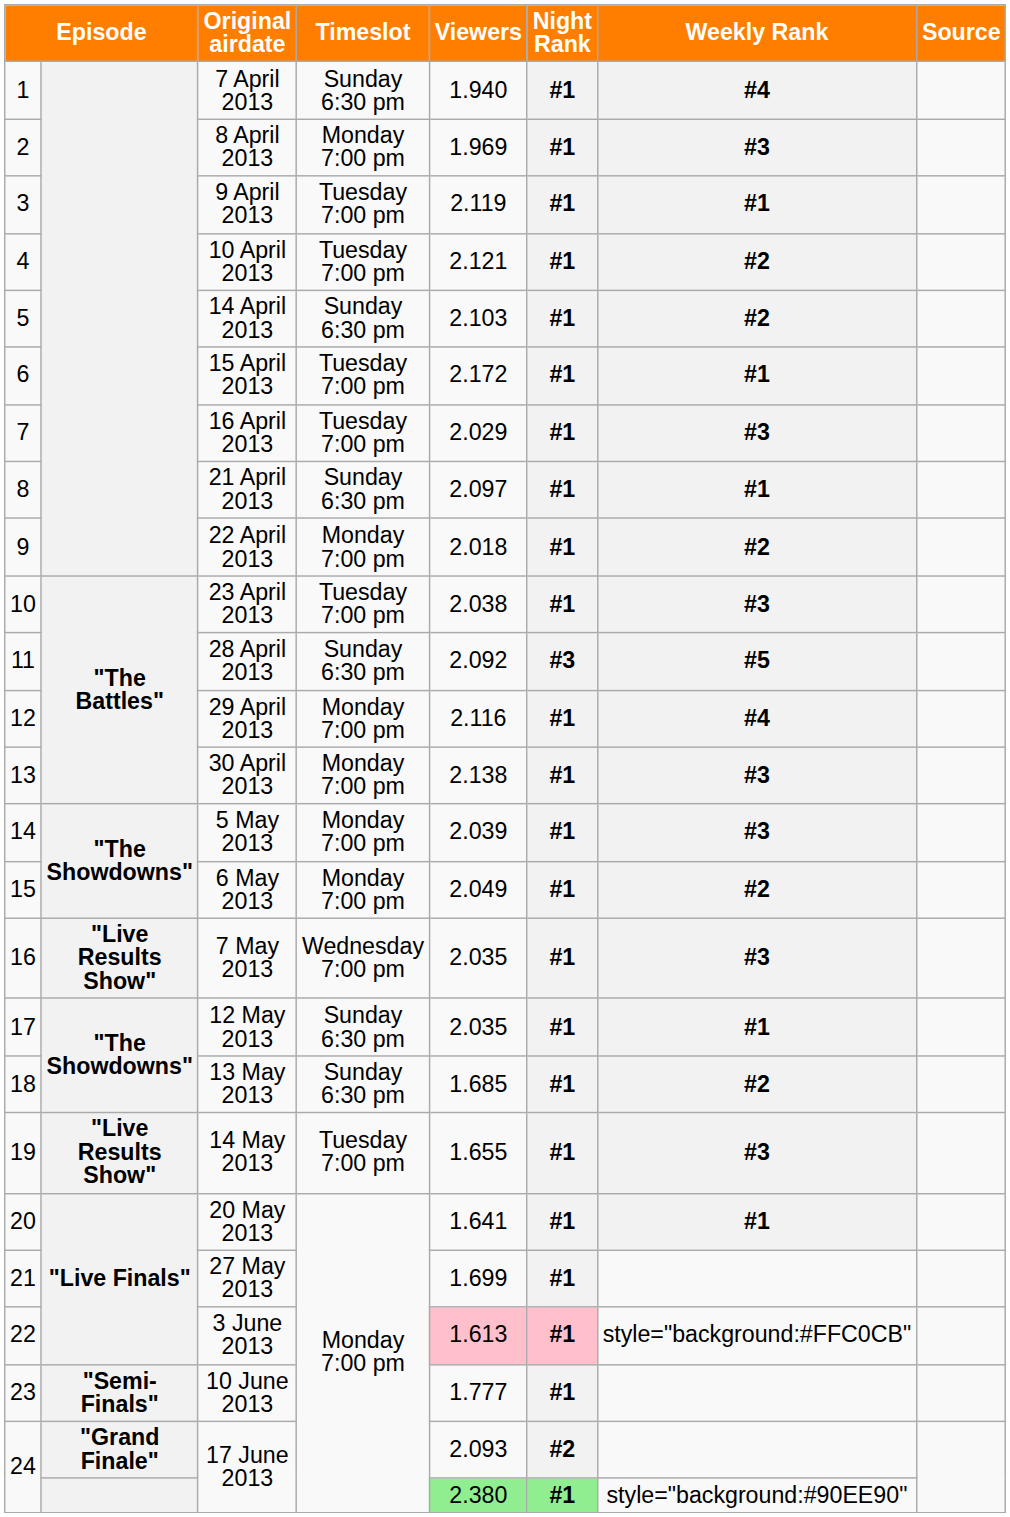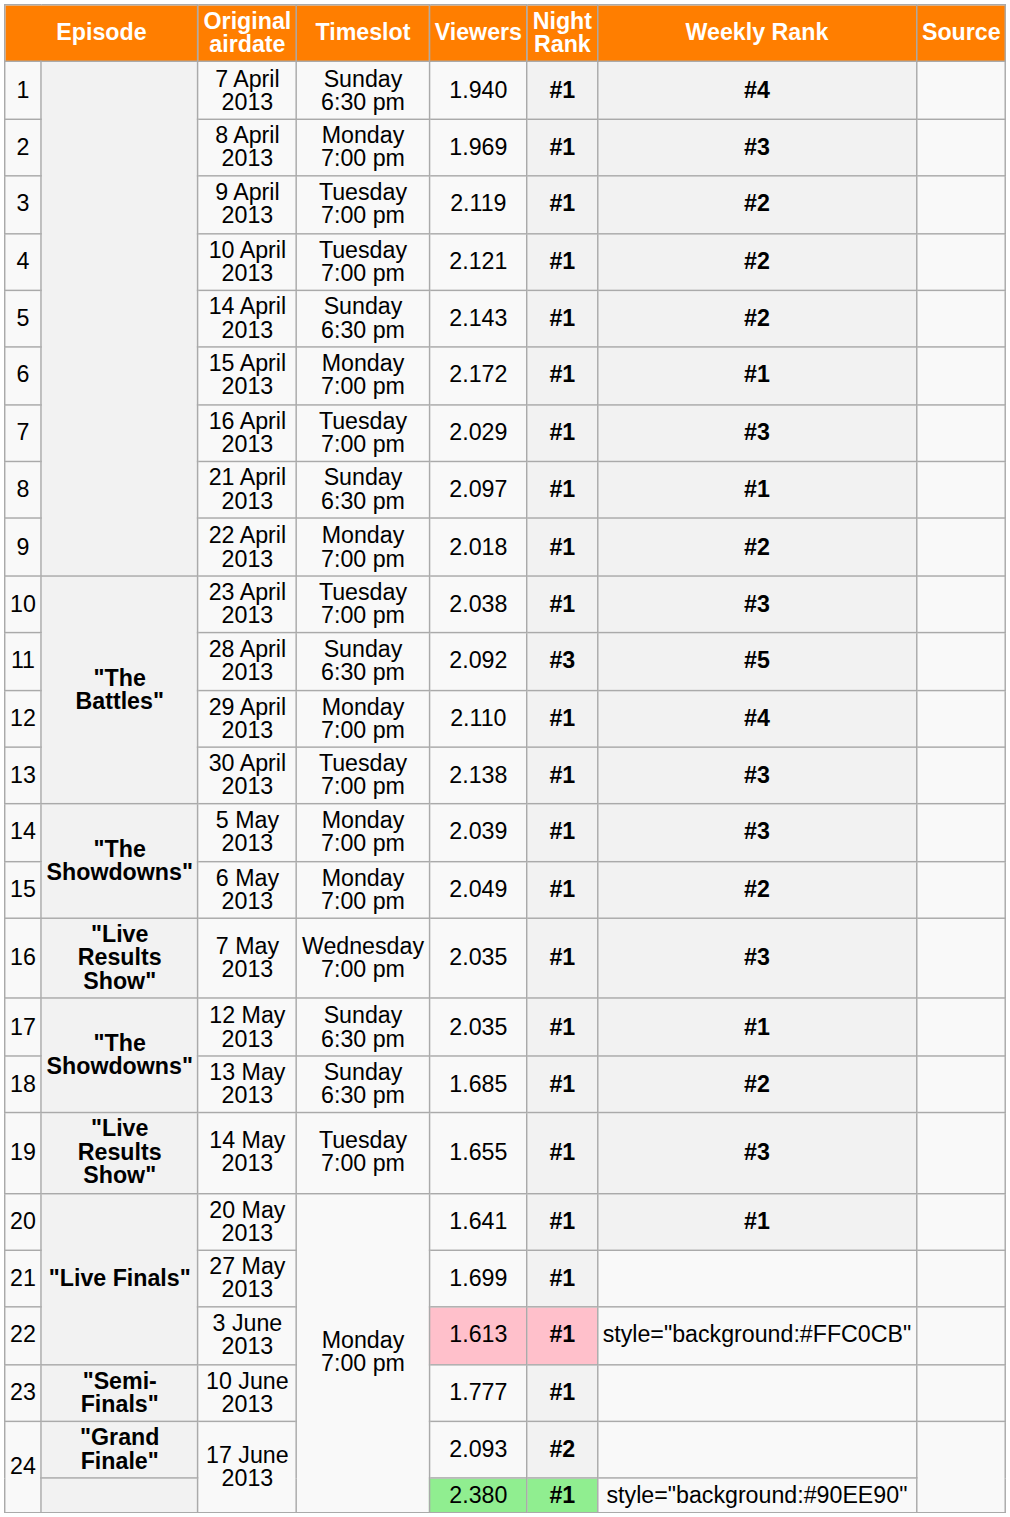 <table class="wikitable plainrowheaders" style="text-align:center; line-height:16px; width:99%;">
 <tr>
 <th scope="col" style="background:#FF7E00; color:white;" colspan=2>Episode</th>
 <th scope="col" style="background:#FF7E00; color:white;" class="unsortable">Original airdate</th>
 <th scope="col" style="background:#FF7E00; color:white;" class="unsortable">Timeslot</th>
 <th style="background:#FF7E00; color:white;">Viewers<br></th>
 <th style="background:#FF7E00; color:white;">Night Rank</th>
 <th style="background:#FF7E00; color:white;">Weekly Rank</th>
 <th scope="col" style="background:#FF7E00; color:white;">Source</th>
 </tr>
 <tr>
 <td>1</td>
 <th scope="row" rowspan=9></th>
 <td>7 April 2013</td>
 <td>Sunday 6:30 pm</td>
 <td>1.940</td>
 <th>#1</th>
 <th>#4</th>
 <td></td>
 </tr>
 <tr>
 <td>2</td>
 <td>8 April 2013</td>
 <td>Monday 7:00 pm</td>
 <td>1.969</td>
 <th>#1</th>
 <th>#3</th>
 <td></td>
 </tr>
 <tr>
 <td>3</td>
 <td>9 April 2013</td>
 <td>Tuesday 7:00 pm</td>
 <td>2.119</td>
 <th>#1</th>
-<th>#1</th>
+<th>#2</th>
 <td></td>
 </tr>
 <tr>
 <td>4</td>
 <td>10 April 2013</td>
 <td>Tuesday 7:00 pm</td>
 <td>2.121</td>
 <th>#1</th>
 <th>#2</th>
 <td></td>
 </tr>
 <tr>
 <td>5</td>
 <td>14 April 2013</td>
 <td>Sunday 6:30 pm</td>
-<td>2.103</td>
+<td>2.143</td>
 <th>#1</th>
 <th>#2</th>
 <td></td>
 </tr>
 <tr>
 <td>6</td>
 <td>15 April 2013</td>
-<td>Tuesday 7:00 pm</td>
+<td>Monday 7:00 pm</td>
 <td>2.172</td>
 <th>#1</th>
 <th>#1</th>
 <td></td>
 </tr>
 <tr>
 <td>7</td>
 <td>16 April 2013</td>
 <td>Tuesday 7:00 pm</td>
 <td>2.029</td>
 <th>#1</th>
 <th>#3</th>
 <td></td>
 </tr>
 <tr>
 <td>8</td>
 <td>21 April 2013</td>
 <td>Sunday 6:30 pm</td>
 <td>2.097</td>
 <th>#1</th>
 <th>#1</th>
 <td></td>
 </tr>
 <tr>
 <td>9</td>
 <td>22 April 2013</td>
 <td>Monday 7:00 pm</td>
 <td>2.018</td>
 <th>#1</th>
 <th>#2</th>
 <td></td>
 </tr>
 <tr>
 <td>10</td>
 <th scope="row" rowspan=4>"The Battles"</th>
 <td>23 April 2013</td>
 <td>Tuesday 7:00 pm</td>
 <td>2.038</td>
 <th>#1</th>
 <th>#3</th>
 <td></td>
 </tr>
 <tr>
 <td>11</td>
 <td>28 April 2013</td>
 <td>Sunday 6:30 pm</td>
 <td>2.092</td>
 <th>#3</th>
 <th>#5</th>
 <td></td>
 </tr>
 <tr>
 <td>12</td>
 <td>29 April 2013</td>
 <td>Monday 7:00 pm</td>
-<td>2.116</td>
+<td>2.110</td>
 <th>#1</th>
 <th>#4</th>
 <td></td>
 </tr>
 <tr>
 <td>13</td>
 <td>30 April 2013</td>
-<td>Monday 7:00 pm</td>
+<td>Tuesday 7:00 pm</td>
 <td>2.138</td>
 <th>#1</th>
 <th>#3</th>
 <td></td>
 </tr>
 <tr>
 <td>14</td>
 <th scope="row" rowspan=2>"The Showdowns"</th>
 <td>5 May 2013</td>
 <td>Monday 7:00 pm</td>
 <td>2.039</td>
 <th>#1</th>
 <th>#3</th>
 <td></td>
 </tr>
 <tr>
 <td>15</td>
 <td>6 May 2013</td>
 <td>Monday 7:00 pm</td>
 <td>2.049</td>
 <th>#1</th>
 <th>#2</th>
 <td></td>
 </tr>
 <tr>
 <td>16</td>
 <th scope="row">"Live Results Show"</th>
 <td>7 May 2013</td>
 <td>Wednesday 7:00 pm</td>
 <td>2.035</td>
 <th>#1</th>
 <th>#3</th>
 <td></td>
 </tr>
 <tr>
 <td>17</td>
 <th scope="row" rowspan=2>"The Showdowns"</th>
 <td>12 May 2013</td>
 <td>Sunday 6:30 pm</td>
 <td>2.035</td>
 <th>#1</th>
 <th>#1</th>
 <td></td>
 </tr>
 <tr>
 <td>18</td>
 <td>13 May 2013</td>
 <td>Sunday 6:30 pm</td>
 <td>1.685</td>
 <th>#1</th>
 <th>#2</th>
 <td></td>
 </tr>
 <tr>
 <td>19</td>
 <th scope="row">"Live Results Show"</th>
 <td>14 May 2013</td>
 <td>Tuesday 7:00 pm</td>
 <td>1.655</td>
 <th>#1</th>
 <th>#3</th>
 <td></td>
 </tr>
 <tr>
 <td>20</td>
 <th scope="row" rowspan=3>"Live Finals"</th>
 <td>20 May 2013</td>
 <td rowspan=6>Monday 7:00 pm</td>
 <td>1.641</td>
 <th>#1</th>
 <th>#1</th>
 <td></td>
 </tr>
 <tr>
 <td>21</td>
 <td>27 May 2013</td>
 <td>1.699</td>
 <th>#1</th>
 <td></td>
 <td></td>
 </tr>
 <tr>
 <td>22</td>
 <td>3 June 2013</td>
 <td style="background:#FFC0CB">1.613</td>
 <th style="background:#FFC0CB">#1</th>
 <td>style="background:#FFC0CB" </td>
 <td></td>
 </tr>
 <tr>
 <td>23</td>
 <th scope="row">"Semi-Finals"</th>
 <td>10 June 2013</td>
 <td>1.777</td>
 <th>#1</th>
 <td></td>
 <td></td>
 </tr>
 <tr>
 <td rowspan="2">24</td>
 <th scope="row">"Grand Finale"</th>
 <td rowspan=2>17 June 2013</td>
 <td>2.093</td>
 <th>#2</th>
 <td></td>
 <td rowspan=2></td>
 </tr>
 <tr>
 <th scope="row"></th>
 <td style="background:#90EE90">2.380</td>
 <th style="background:#90EE90">#1</th>
 <td>style="background:#90EE90" </td>
 </tr>
 <tr>
 </tr>
 </table>
